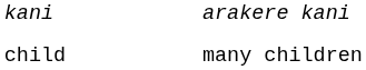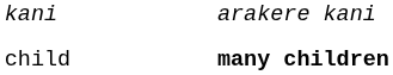 <table border="0" cellspacing="0" cellpadding="6" style="border-collapse:collapse">
 <tr>
 <td>   </td>
 <td><em>kani </em></td>
 <td>        </td>
 <td><em>arakere kani</em></td>
 </tr>
 <tr>
 <td></td>
 <td>child</td>
 <td></td>
-<td>many children</td>
+<td><strong>many children</strong></td>
 </tr>
 </table>
